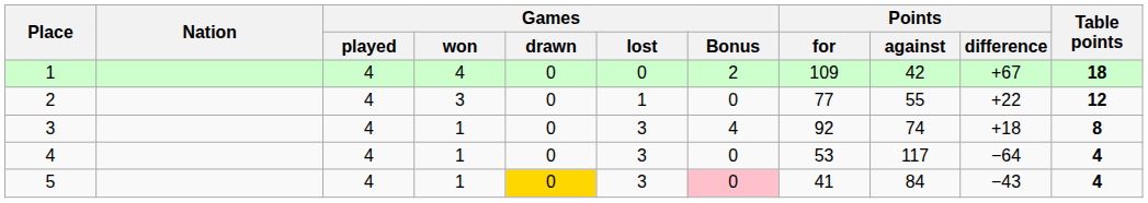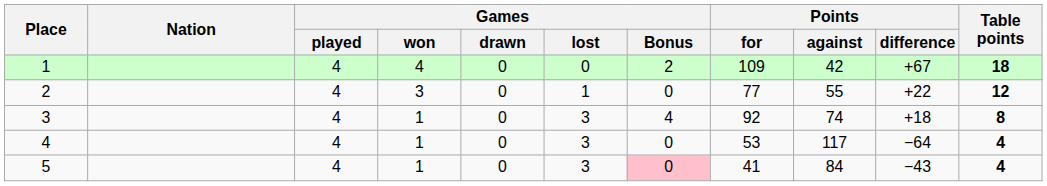 <table class="wikitable">
 <tr>
 <th rowspan=2 width="8%">Place</th>
 <th rowspan=2 width="20%">Nation</th>
 <th colspan=5 width="40%">Games</th>
 <th colspan=3 width="24%">Points</th>
 <th rowspan=2 width="10%">Table<br>points</th>
 </tr>
 <tr>
 <th width="8%">played</th>
 <th width="8%">won</th>
 <th width="8%">drawn</th>
 <th width="8%">lost</th>
 <th width="8%">Bonus</th>
 <th width="8%">for</th>
 <th width="8%">against</th>
 <th width="8%">difference</th>
 </tr>
 <tr align=center bgcolor="#ccffcc">
 <td>1</td>
 <td align=left></td>
 <td>4</td>
 <td>4</td>
 <td>0</td>
 <td>0</td>
 <td>2</td>
 <td>109</td>
 <td>42</td>
 <td>+67</td>
 <td><strong>18</strong></td>
 </tr>
 <tr align=center>
 <td>2</td>
 <td align=left></td>
 <td>4</td>
 <td>3</td>
 <td>0</td>
 <td>1</td>
 <td>0</td>
 <td>77</td>
 <td>55</td>
 <td>+22</td>
 <td><strong>12</strong></td>
 </tr>
 <tr align=center>
 <td>3</td>
 <td align=left></td>
 <td>4</td>
 <td>1</td>
 <td>0</td>
 <td>3</td>
 <td>4</td>
 <td>92</td>
 <td>74</td>
 <td>+18</td>
 <td><strong>8</strong></td>
 </tr>
 <tr align=center>
 <td>4</td>
 <td align=left></td>
 <td>4</td>
 <td>1</td>
 <td>0</td>
 <td>3</td>
 <td>0</td>
 <td>53</td>
 <td>117</td>
 <td>−64</td>
 <td><strong>4</strong></td>
 </tr>
 <tr align=center>
 <td>5</td>
 <td align=left></td>
 <td>4</td>
 <td>1</td>
-<td style="background: gold;">0</td>
+<td>0</td>
 <td>3</td>
 <td style="background: pink;">0</td>
 <td>41</td>
 <td>84</td>
 <td>−43</td>
 <td><strong>4</strong></td>
 </tr>
 </table>
